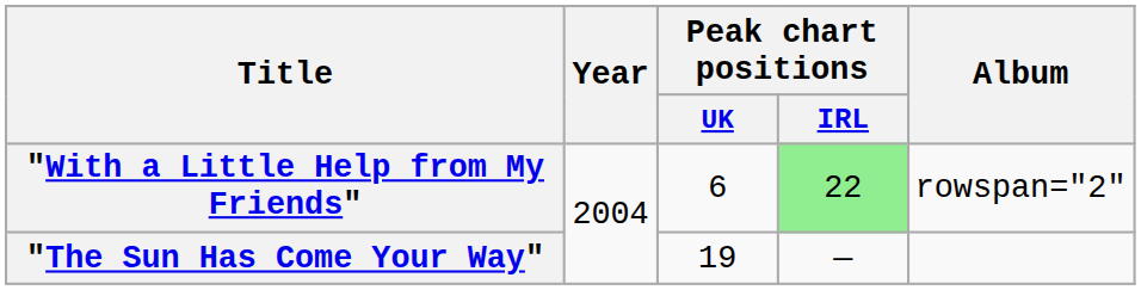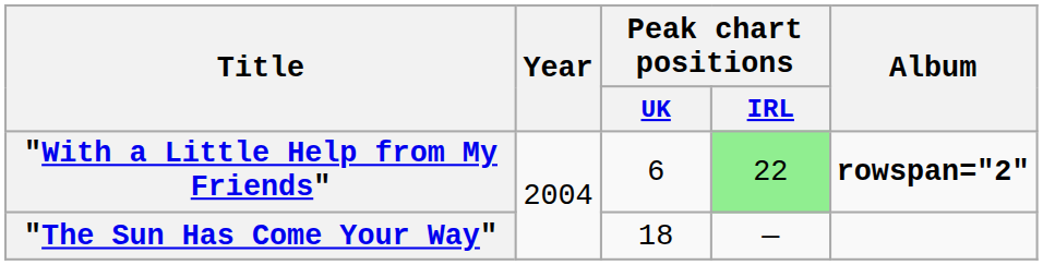 <table class="wikitable plainrowheaders" style="text-align:center;">
 <tr>
 <th scope="col" rowspan="2" style="width:17em;">Title</th>
 <th scope="col" rowspan="2" style="width:1em;">Year</th>
 <th scope="col" colspan="2">Peak chart positions</th>
 <th scope="col" rowspan="2">Album</th>
 </tr>
 <tr>
 <th scope="col" style="width:4em;font-size:85%;"><a href='#'>UK</a><br></th>
 <th scope="col" style="width:4em;font-size:90%;"><a href='#'>IRL</a><br></th>
 </tr>
 <tr>
 <th scope="row">"<a href='#'>With a Little Help from My Friends</a>"</th>
 <td rowspan="2">2004</td>
 <td>6</td>
 <td style="background: lightgreen;">22</td>
-<td>rowspan="2" </td>
+<td><strong>rowspan="2" </strong></td>
 </tr>
 <tr>
 <th scope="row">"<a href='#'>The Sun Has Come Your Way</a>"</th>
-<td>19</td>
+<td>18</td>
 <td>—</td>
 </tr>
 </table>
